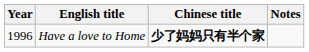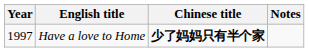 <table class="wikitable sortable">
 <tr>
 <th>Year</th>
 <th>English title</th>
 <th>Chinese title</th>
 <th>Notes</th>
 </tr>
 <tr>
-<td>1996</td>
+<td>1997</td>
 <td><em>Have a love to Home</em></td>
 <td><strong>少了妈妈只有半个家</strong></td>
 <td></td>
 </tr>
 </table>
